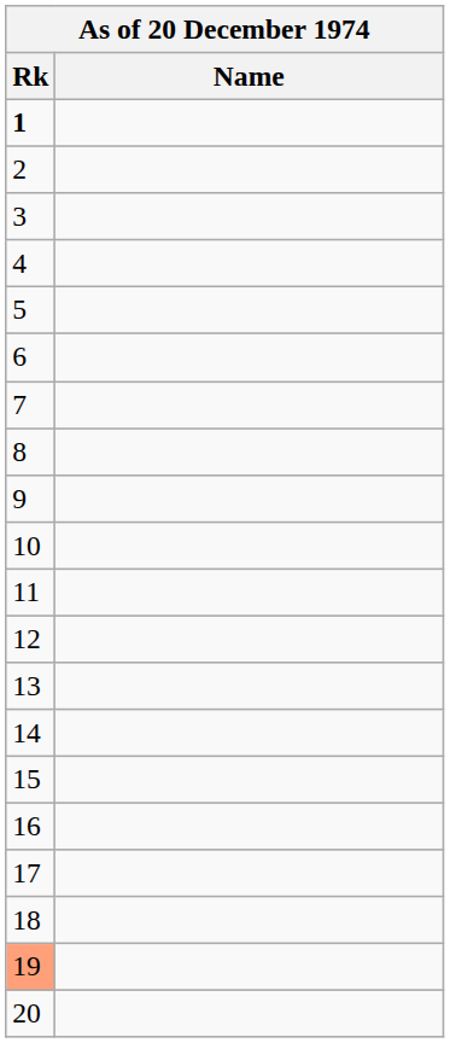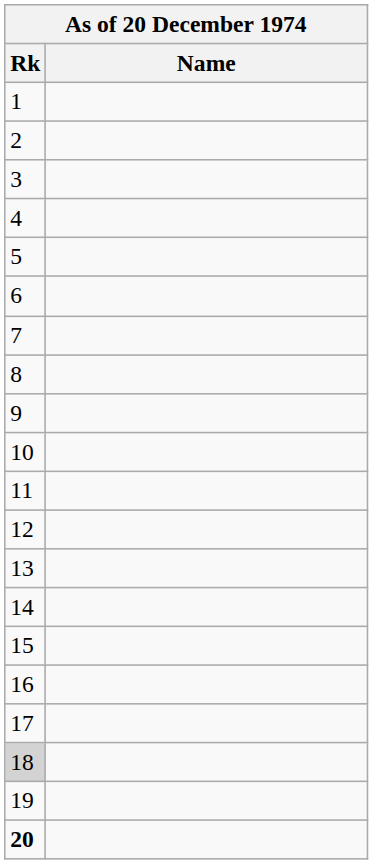 <table class="wikitable" style="font-size:95%">
 <tr>
 <th colspan="2">As of 20 December 1974</th>
 </tr>
 <tr>
 <th>Rk</th>
 <th width="200">Name</th>
 </tr>
 <tr>
-<td><strong>1</strong></td>
+<td>1</td>
 <td></td>
 </tr>
 <tr>
 <td>2</td>
 <td></td>
 </tr>
 <tr>
 <td>3</td>
 <td></td>
 </tr>
 <tr>
 <td>4</td>
 <td></td>
 </tr>
 <tr>
 <td>5</td>
 <td></td>
 </tr>
 <tr>
 <td>6</td>
 <td></td>
 </tr>
 <tr>
 <td>7</td>
 <td></td>
 </tr>
 <tr>
 <td>8</td>
 <td></td>
 </tr>
 <tr>
 <td>9</td>
 <td></td>
 </tr>
 <tr>
 <td>10</td>
 <td></td>
 </tr>
 <tr>
 <td>11</td>
 <td></td>
 </tr>
 <tr>
 <td>12</td>
 <td></td>
 </tr>
 <tr>
 <td>13</td>
 <td></td>
 </tr>
 <tr>
 <td>14</td>
 <td></td>
 </tr>
 <tr>
 <td>15</td>
 <td></td>
 </tr>
 <tr>
 <td>16</td>
 <td></td>
 </tr>
 <tr>
 <td>17</td>
 <td></td>
 </tr>
 <tr>
-<td>18</td>
+<td style="background: lightgrey;">18</td>
 <td></td>
 </tr>
 <tr>
-<td style="background: lightsalmon;">19</td>
+<td>19</td>
 <td></td>
 </tr>
 <tr>
-<td>20</td>
+<td><strong>20</strong></td>
 <td></td>
 </tr>
 </table>
